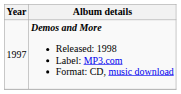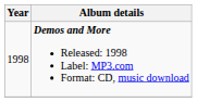 <table class ="wikitable">
 <tr>
 <th>Year</th>
 <th>Album details</th>
 </tr>
 <tr>
-<td>1997</td>
+<td>1998</td>
 <td><strong><em>Demos and More</em></strong><br><ul><li>Released: 1998</li><li>Label: <a href='#'>MP3.com</a></li><li>Format: CD, <a href='#'>music download</a></li></ul></td>
 </tr>
 <tr>
 </tr>
 </table>
